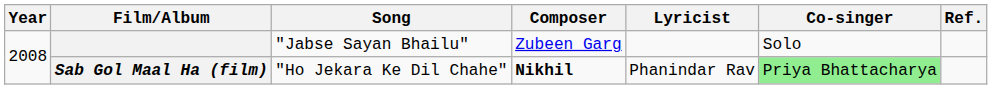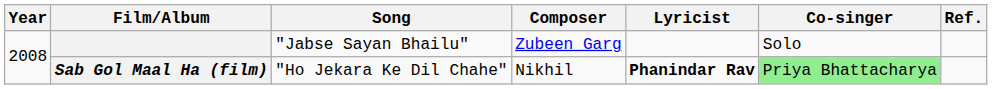 <table class="wikitable plainrowheaders">
 <tr>
 <th scope="col">Year</th>
 <th scope="col">Film/Album</th>
 <th scope="col">Song</th>
 <th scope="col">Composer</th>
 <th>Lyricist</th>
 <th scope="col">Co-singer</th>
 <th scope="col">Ref.</th>
 </tr>
 <tr>
 <td rowspan="2">2008</td>
 <th scope="row"></th>
 <td>"Jabse Sayan Bhailu"</td>
 <td><a href='#'>Zubeen Garg</a></td>
 <td></td>
 <td>Solo</td>
 <td></td>
 </tr>
 <tr>
 <th><em>Sab Gol Maal Ha (film)</em></th>
 <td>"Ho Jekara Ke Dil Chahe"</td>
-<td><strong>Nikhil</strong></td>
-<td>Phanindar Rav</td>
+<td>Nikhil</td>
+<td><strong>Phanindar Rav</strong></td>
 <td style="background: lightgreen;">Priya Bhattacharya</td>
 <td></td>
 </tr>
 </table>
